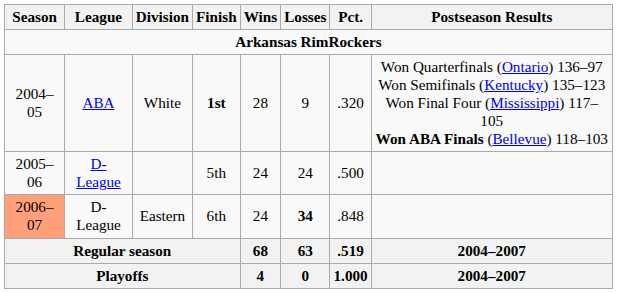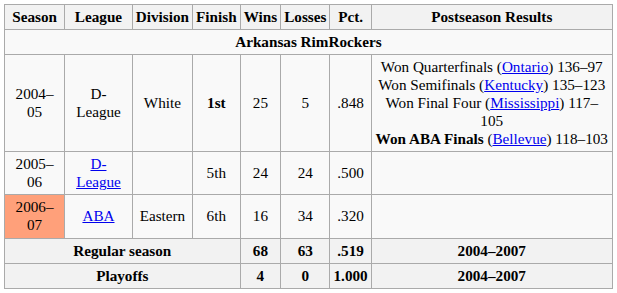 <table class="wikitable" style="font-size:95%">
 <tr align="center">
 <th>Season</th>
 <th>League</th>
 <th>Division</th>
 <th>Finish</th>
 <th>Wins</th>
 <th>Losses</th>
 <th>Pct.</th>
 <th>Postseason Results</th>
 </tr>
 <tr>
 <td colspan=8 align="center"><strong>Arkansas RimRockers</strong></td>
 </tr>
 <tr align="center">
 <td>2004–05</td>
-<td><a href='#'>ABA</a></td>
+<td>D-League</td>
 <td>White</td>
 <td><strong>1st</strong></td>
-<td>28</td>
-<td>9</td>
-<td>.320</td>
+<td>25</td>
+<td>5</td>
+<td>.848</td>
 <td>Won Quarterfinals (<a href='#'>Ontario</a>) 136–97<br> Won Semifinals (<a href='#'>Kentucky</a>) 135–123<br> Won Final Four (<a href='#'>Mississippi</a>) 117–105<br> <strong>Won ABA Finals</strong> (<a href='#'>Bellevue</a>) 118–103</td>
 </tr>
 <tr align="center">
 <td>2005–06</td>
 <td><a href='#'>D-League</a></td>
 <td></td>
 <td>5th</td>
 <td>24</td>
 <td>24</td>
 <td>.500</td>
 <td></td>
 </tr>
 <tr align="center">
 <td style="background: lightsalmon;">2006–07</td>
-<td>D-League</td>
+<td><a href='#'>ABA</a></td>
 <td>Eastern</td>
 <td>6th</td>
-<td>24</td>
-<td><strong>34</strong></td>
-<td>.848</td>
+<td>16</td>
+<td>34</td>
+<td>.320</td>
 <td></td>
 </tr>
 <tr>
 <th colspan=4>Regular season</th>
 <th>68</th>
 <th>63</th>
 <th>.519</th>
 <th colspan=3>2004–2007</th>
 </tr>
 <tr>
 <th colspan=4>Playoffs</th>
 <th>4</th>
 <th>0</th>
 <th>1.000</th>
 <th colspan=3>2004–2007</th>
 </tr>
 </table>
